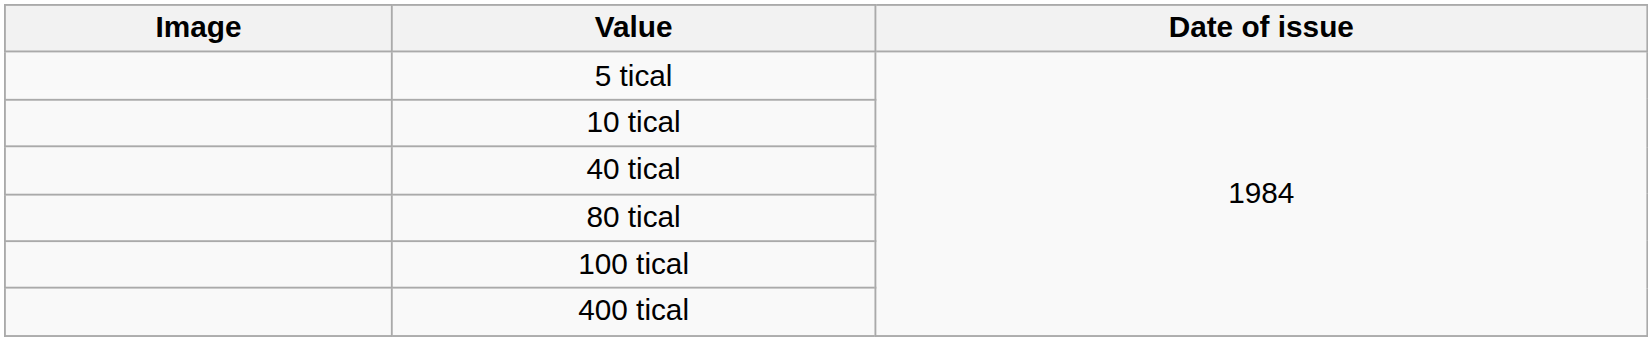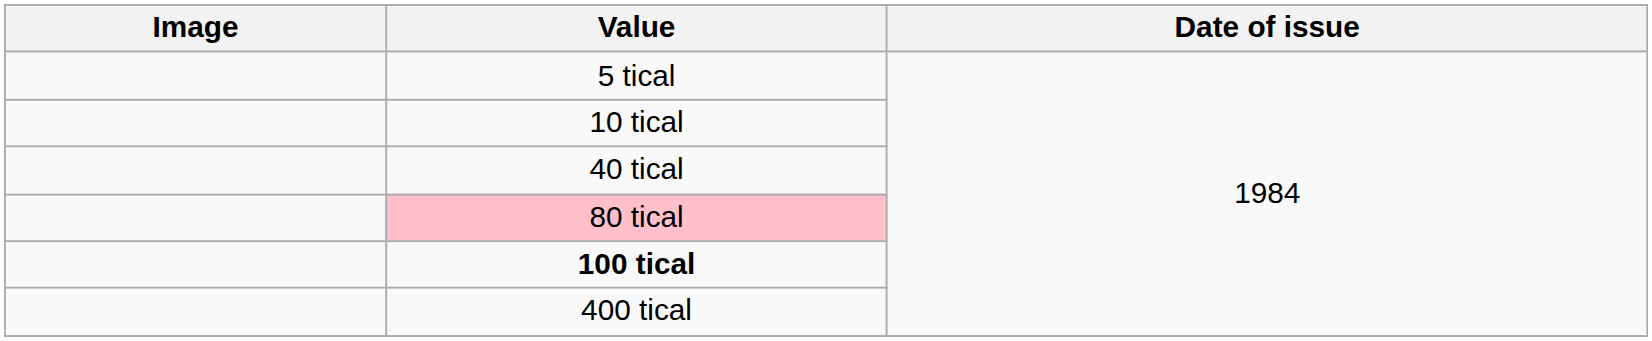 <table class="wikitable" style="width:100%; text-align: center">
 <tr>
 <th>Image</th>
 <th>Value</th>
 <th>Date of issue</th>
 </tr>
 <tr>
 <td></td>
 <td>5 tical</td>
 <td rowspan="6">1984</td>
 </tr>
 <tr>
 <td></td>
 <td>10 tical</td>
 </tr>
 <tr>
 <td></td>
 <td>40 tical</td>
 </tr>
 <tr>
 <td></td>
-<td>80 tical</td>
+<td style="background: pink;">80 tical</td>
 </tr>
 <tr>
 <td></td>
-<td>100 tical</td>
+<td><strong>100 tical</strong></td>
 </tr>
 <tr>
 <td></td>
 <td>400 tical</td>
 </tr>
 </table>
